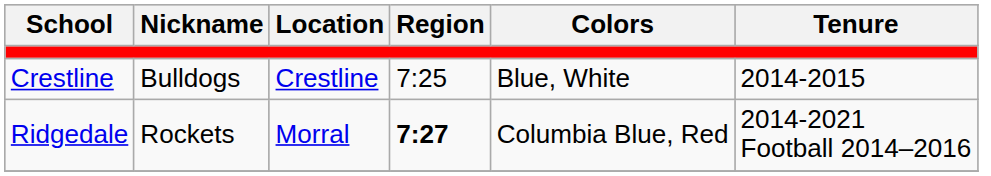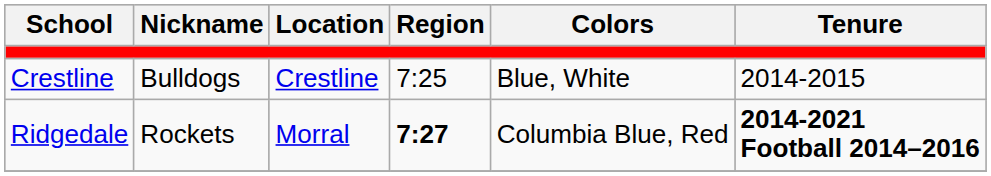 <table class="wikitable sortable">
 <tr>
 <th>School</th>
 <th>Nickname</th>
 <th>Location</th>
 <th>Region</th>
 <th>Colors</th>
 <th>Tenure</th>
 </tr>
 <tr>
 <th colspan="7" style="background:red;"></th>
 </tr>
 <tr>
 <td><a href='#'>Crestline</a></td>
 <td>Bulldogs</td>
 <td><a href='#'>Crestline</a></td>
 <td>7:25</td>
 <td>Blue, White<br> </td>
 <td>2014-2015</td>
 </tr>
 <tr>
 <td><a href='#'>Ridgedale</a></td>
 <td>Rockets</td>
 <td><a href='#'>Morral</a></td>
 <td><strong>7:27</strong></td>
 <td>Columbia Blue, Red <br> </td>
-<td>2014-2021<br>Football 2014–2016</td>
+<td><strong>2014-2021<br>Football 2014–2016</strong></td>
 </tr>
 <tr>
 </tr>
 </table>
